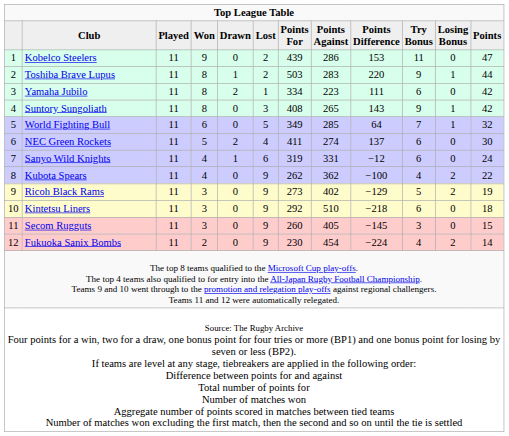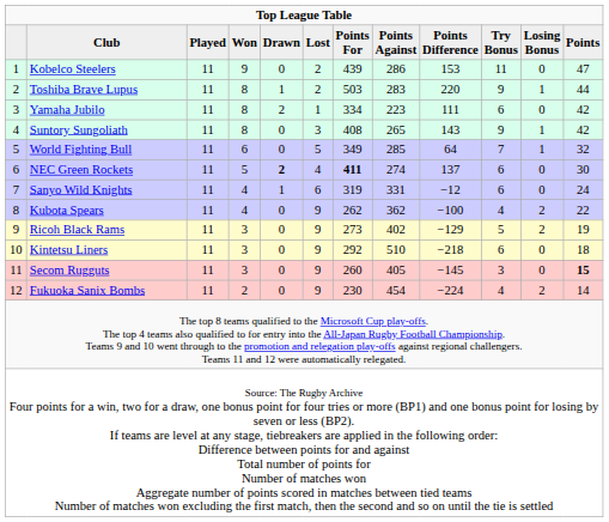 <table class="wikitable" style="text-align: center;">
 <tr>
 <td colspan="15" cellpadding="0" cellspacing="0"><strong>Top League Table</strong></td>
 </tr>
 <tr>
 <th style="background:#efefef" width="20"></th>
 <th style="background:#efefef" width="195">Club</th>
 <th style="background:#efefef" width="20">Played</th>
 <th style="background:#efefef" width="20">Won</th>
 <th style="background:#efefef" width="20">Drawn</th>
 <th style="background:#efefef" width="20">Lost</th>
 <th style="background:#efefef" width="20">Points For</th>
 <th style="background:#efefef" width="20">Points Against</th>
 <th style="background:#efefef" width="20">Points Difference</th>
 <th style="background:#efefef" width="20">Try Bonus</th>
 <th style="background:#efefef" width="20">Losing Bonus</th>
 <th style="background:#efefef" width="20">Points<br></th>
 </tr>
 <tr style="background:#d8ffeb">
 <td>1</td>
 <td style="text-align:left;"><a href='#'>Kobelco Steelers</a></td>
 <td>11</td>
 <td>9</td>
 <td>0</td>
 <td>2</td>
 <td>439</td>
 <td>286</td>
 <td>153</td>
 <td>11</td>
 <td>0</td>
 <td>47</td>
 </tr>
 <tr style="background:#d8ffeb">
 <td>2</td>
 <td style="text-align:left;"><a href='#'>Toshiba Brave Lupus</a></td>
 <td>11</td>
 <td>8</td>
 <td>1</td>
 <td>2</td>
 <td>503</td>
 <td>283</td>
 <td>220</td>
 <td>9</td>
 <td>1</td>
 <td>44</td>
 </tr>
 <tr style="background:#d8ffeb">
 <td>3</td>
 <td style="text-align:left;"><a href='#'>Yamaha Jubilo</a></td>
 <td>11</td>
 <td>8</td>
 <td>2</td>
 <td>1</td>
 <td>334</td>
 <td>223</td>
 <td>111</td>
 <td>6</td>
 <td>0</td>
 <td>42</td>
 </tr>
 <tr style="background:#d8ffeb; text-align:center">
 <td>4</td>
 <td style="text-align:left;"><a href='#'>Suntory Sungoliath</a></td>
 <td>11</td>
 <td>8</td>
 <td>0</td>
 <td>3</td>
 <td>408</td>
 <td>265</td>
 <td>143</td>
 <td>9</td>
 <td>1</td>
 <td>42</td>
 </tr>
 <tr style="background:#ccccff">
 <td>5</td>
 <td style="text-align:left;"><a href='#'>World Fighting Bull</a></td>
 <td>11</td>
 <td>6</td>
 <td>0</td>
 <td>5</td>
 <td>349</td>
 <td>285</td>
 <td>64</td>
 <td>7</td>
 <td>1</td>
 <td>32</td>
 </tr>
 <tr style="background:#ccccff">
 <td>6</td>
 <td style="text-align:left;"><a href='#'>NEC Green Rockets</a></td>
 <td>11</td>
 <td>5</td>
-<td>2</td>
+<td><strong>2</strong></td>
 <td>4</td>
-<td>411</td>
+<td><strong>411</strong></td>
 <td>274</td>
 <td>137</td>
 <td>6</td>
 <td>0</td>
 <td>30</td>
 </tr>
 <tr style="background:#ccccff">
 <td>7</td>
 <td style="text-align:left;"><a href='#'>Sanyo Wild Knights</a></td>
 <td>11</td>
 <td>4</td>
 <td>1</td>
 <td>6</td>
 <td>319</td>
 <td>331</td>
 <td>−12</td>
 <td>6</td>
 <td>0</td>
 <td>24</td>
 </tr>
 <tr style="background:#ccccff">
 <td>8</td>
 <td style="text-align:left;"><a href='#'>Kubota Spears</a></td>
 <td>11</td>
 <td>4</td>
 <td>0</td>
 <td>9</td>
 <td>262</td>
 <td>362</td>
 <td>−100</td>
 <td>4</td>
 <td>2</td>
 <td>22</td>
 </tr>
 <tr style="background:#fffccc">
 <td>9</td>
 <td style="text-align:left;"><a href='#'>Ricoh Black Rams</a></td>
 <td>11</td>
 <td>3</td>
 <td>0</td>
 <td>9</td>
 <td>273</td>
 <td>402</td>
 <td>−129</td>
 <td>5</td>
 <td>2</td>
 <td>19</td>
 </tr>
 <tr style="background:#fffccc">
 <td>10</td>
 <td style="text-align:left;"><a href='#'>Kintetsu Liners</a></td>
 <td>11</td>
 <td>3</td>
 <td>0</td>
 <td>9</td>
 <td>292</td>
 <td>510</td>
 <td>−218</td>
 <td>6</td>
 <td>0</td>
 <td>18</td>
 </tr>
 <tr style="background:#ffcccc">
 <td>11</td>
 <td style="text-align:left;"><a href='#'>Secom Rugguts</a></td>
 <td>11</td>
 <td>3</td>
 <td>0</td>
 <td>9</td>
 <td>260</td>
 <td>405</td>
 <td>−145</td>
 <td>3</td>
 <td>0</td>
-<td>15</td>
+<td><strong>15</strong></td>
 </tr>
 <tr style="background:#ffcccc">
 <td>12</td>
 <td style="text-align:left;"><a href='#'>Fukuoka Sanix Bombs</a></td>
 <td>11</td>
 <td>2</td>
 <td>0</td>
 <td>9</td>
 <td>230</td>
 <td>454</td>
 <td>−224</td>
 <td>4</td>
 <td>2</td>
 <td>14</td>
 </tr>
 <tr>
 <td colspan="15" style="border:0px; font-size:86%;"><br> The top 8 teams qualified to the <a href='#'>Microsoft Cup play-offs</a>.<br> The top 4 teams also qualified to for entry into the <a href='#'>All-Japan Rugby Football Championship</a>.<br>  Teams 9 and 10 went through to the <a href='#'>promotion and relegation play-offs</a> against regional challengers.<br>  Teams 11 and 12 were automatically relegated.</td>
 </tr>
 <tr style="background:#ffffff; text-align:center">
 <td colspan="15"><br><small>Source: The Rugby Archive</small><br>Four points for a win, two for a draw, one bonus point for four tries or more (BP1) and one bonus point for losing by seven or less (BP2).<br> If teams are level at any stage, tiebreakers are applied in the following order:<br>  Difference between points for and against<br>  Total number of points for<br>  Number of matches won<br>  Aggregate number of points scored in matches between tied teams<br>  Number of matches won excluding the first match, then the second and so on until the tie is settled<br></td>
 </tr>
 </table>
